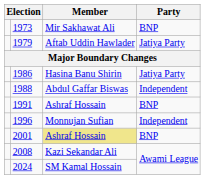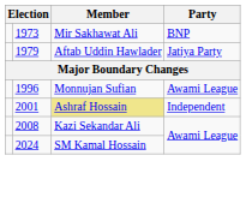 <table class="wikitable">
 <tr>
 <th colspan="2">Election</th>
 <th>Member</th>
 <th>Party</th>
 </tr>
 <tr>
 <td style="background-color:"></td>
 <td><a href='#'>1973</a></td>
 <td><a href='#'>Mir Sakhawat Ali</a></td>
 <td><a href='#'>BNP</a></td>
 </tr>
 <tr>
 <td style="background-color:"></td>
 <td><a href='#'>1979</a></td>
 <td><a href='#'>Aftab Uddin Hawlader</a></td>
 <td><a href='#'>Jatiya Party</a></td>
 </tr>
 <tr>
 <th colspan="4">Major Boundary Changes</th>
 </tr>
 <tr>
 <td style="background-color:"></td>
-<td><a href='#'>1986</a></td>
-<td><a href='#'>Hasina Banu Shirin</a></td>
-<td><a href='#'>Jatiya Party</a></td>
-</tr>
-<tr>
-<td style="background-color:"></td>
-<td><a href='#'>1988</a></td>
-<td><a href='#'>Abdul Gaffar Biswas</a></td>
-<td><a href='#'>Independent</a></td>
-</tr>
-<tr>
-<td style="background-color:"></td>
-<td><a href='#'>1991</a></td>
-<td><a href='#'>Ashraf Hossain</a></td>
-<td><a href='#'>BNP</a></td>
-</tr>
-<tr>
-<td style="background-color:"></td>
 <td><a href='#'>1996</a></td>
 <td><a href='#'>Monnujan Sufian</a></td>
-<td><a href='#'>Independent</a></td>
+<td><a href='#'>Awami League</a></td>
 </tr>
 <tr>
 <td style="background-color:"></td>
 <td><a href='#'>2001</a></td>
 <td style="background: khaki;"><a href='#'>Ashraf Hossain</a></td>
-<td><a href='#'>BNP</a></td>
+<td><a href='#'>Independent</a></td>
 </tr>
 <tr>
 <td style="background-color:"></td>
 <td><a href='#'>2008</a></td>
 <td><a href='#'>Kazi Sekandar Ali</a></td>
 <td rowspan="2"><a href='#'>Awami League</a></td>
 </tr>
 <tr>
 <td style="background-color:"></td>
 <td><a href='#'>2024</a></td>
 <td><a href='#'>SM Kamal Hossain</a></td>
 </tr>
 </table>
